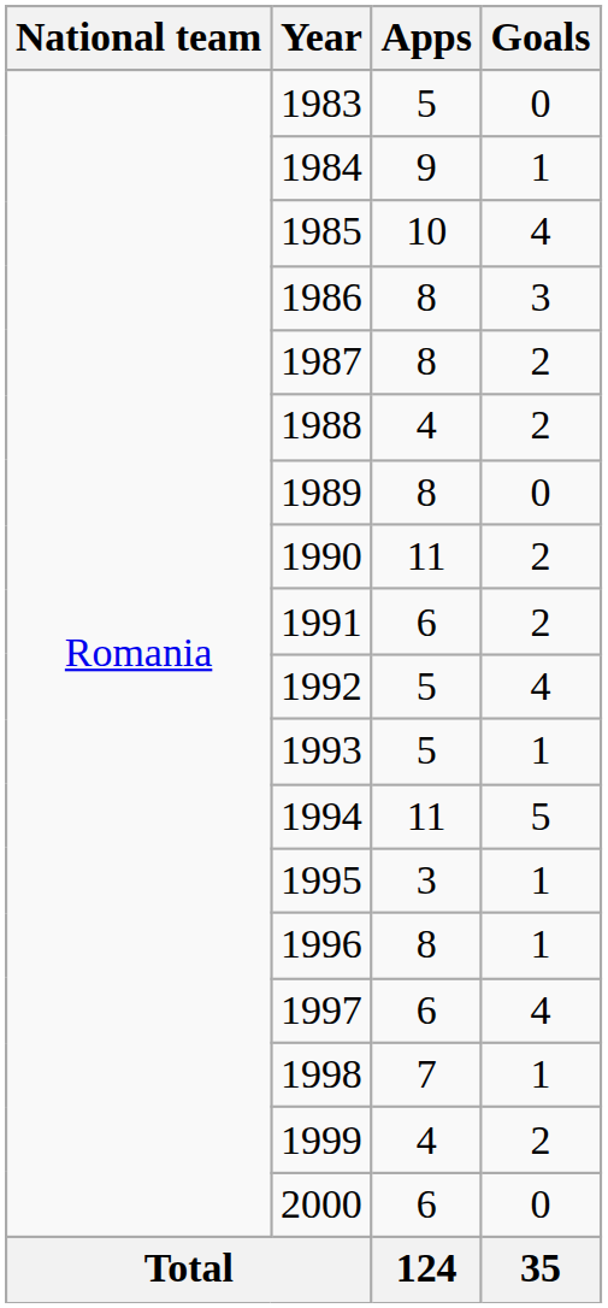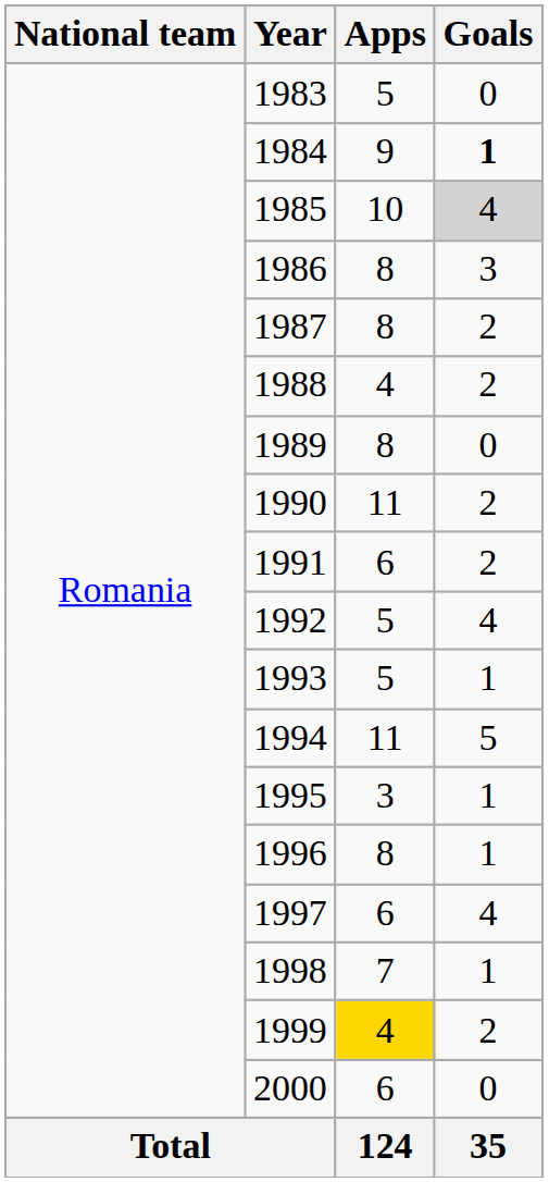 <table class="wikitable" style="text-align:center">
 <tr>
 <th>National team</th>
 <th>Year</th>
 <th>Apps</th>
 <th>Goals</th>
 </tr>
 <tr>
 <td rowspan="18"><a href='#'>Romania</a></td>
 <td>1983</td>
 <td>5</td>
 <td>0</td>
 </tr>
 <tr>
 <td>1984</td>
 <td>9</td>
-<td>1</td>
+<td><strong>1</strong></td>
 </tr>
 <tr>
 <td>1985</td>
 <td>10</td>
-<td>4</td>
+<td style="background: lightgrey;">4</td>
 </tr>
 <tr>
 <td>1986</td>
 <td>8</td>
 <td>3</td>
 </tr>
 <tr>
 <td>1987</td>
 <td>8</td>
 <td>2</td>
 </tr>
 <tr>
 <td>1988</td>
 <td>4</td>
 <td>2</td>
 </tr>
 <tr>
 <td>1989</td>
 <td>8</td>
 <td>0</td>
 </tr>
 <tr>
 <td>1990</td>
 <td>11</td>
 <td>2</td>
 </tr>
 <tr>
 <td>1991</td>
 <td>6</td>
 <td>2</td>
 </tr>
 <tr>
 <td>1992</td>
 <td>5</td>
 <td>4</td>
 </tr>
 <tr>
 <td>1993</td>
 <td>5</td>
 <td>1</td>
 </tr>
 <tr>
 <td>1994</td>
 <td>11</td>
 <td>5</td>
 </tr>
 <tr>
 <td>1995</td>
 <td>3</td>
 <td>1</td>
 </tr>
 <tr>
 <td>1996</td>
 <td>8</td>
 <td>1</td>
 </tr>
 <tr>
 <td>1997</td>
 <td>6</td>
 <td>4</td>
 </tr>
 <tr>
 <td>1998</td>
 <td>7</td>
 <td>1</td>
 </tr>
 <tr>
 <td>1999</td>
-<td>4</td>
+<td style="background: gold;">4</td>
 <td>2</td>
 </tr>
 <tr>
 <td>2000</td>
 <td>6</td>
 <td>0</td>
 </tr>
 <tr>
 <th colspan="2">Total</th>
 <th>124</th>
 <th>35</th>
 </tr>
 </table>
